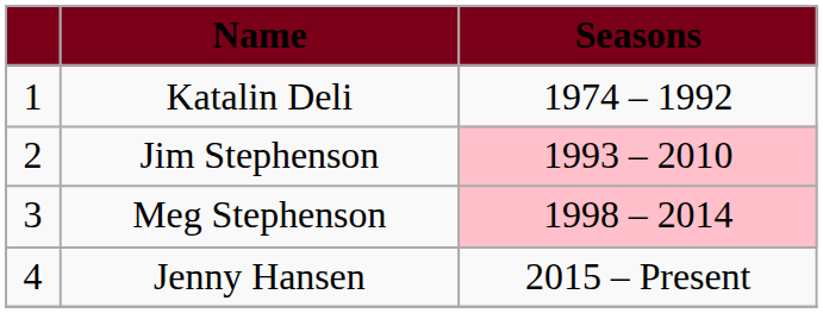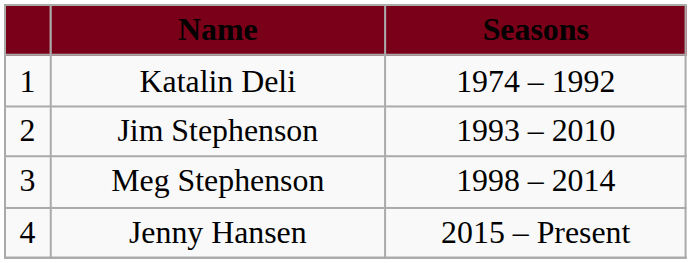 <table class="wikitable" width="55%">
 <tr>
 <th style="background-color:#7A0019;"></th>
 <th style="background-color:#7A0019;"><span>Name</span></th>
 <th style="background-color:#7A0019;"><span>Seasons</span></th>
 </tr>
 <tr align="center">
 <td>1</td>
 <td>Katalin Deli</td>
 <td>1974 – 1992</td>
 </tr>
 <tr align="center">
 <td>2</td>
 <td>Jim Stephenson</td>
-<td style="background: pink;">1993 – 2010</td>
+<td>1993 – 2010</td>
 </tr>
 <tr align="center">
 <td>3</td>
 <td>Meg Stephenson</td>
-<td style="background: pink;">1998 – 2014</td>
+<td>1998 – 2014</td>
 </tr>
 <tr align="center">
 <td>4</td>
 <td>Jenny Hansen</td>
 <td>2015 – Present</td>
 </tr>
 <tr align="center">
 </tr>
 </table>
